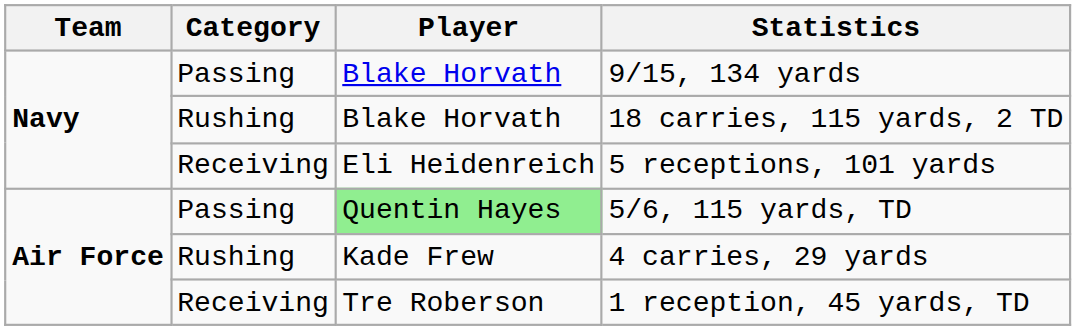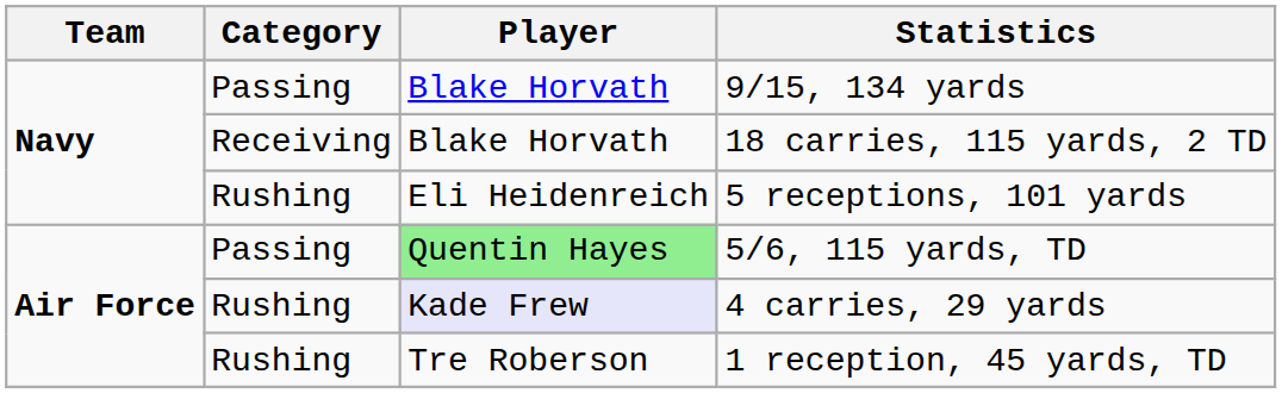 <table class="wikitable" style="float: right;">
 <tr>
 <th>Team</th>
 <th>Category</th>
 <th>Player</th>
 <th>Statistics</th>
 </tr>
 <tr>
 <td rowspan=3><strong>Navy</strong></td>
 <td>Passing</td>
 <td><a href='#'>Blake Horvath</a></td>
 <td>9/15, 134 yards</td>
 </tr>
 <tr>
-<td>Rushing</td>
+<td>Receiving</td>
 <td>Blake Horvath</td>
 <td>18 carries, 115 yards, 2 TD</td>
 </tr>
 <tr>
-<td>Receiving</td>
+<td>Rushing</td>
 <td>Eli Heidenreich</td>
 <td>5 receptions, 101 yards</td>
 </tr>
 <tr>
 <td rowspan=3><strong>Air Force</strong></td>
 <td>Passing</td>
 <td style="background: lightgreen;">Quentin Hayes</td>
 <td>5/6, 115 yards, TD</td>
 </tr>
 <tr>
 <td>Rushing</td>
-<td>Kade Frew</td>
+<td style="background: lavender;">Kade Frew</td>
 <td>4 carries, 29 yards</td>
 </tr>
 <tr>
-<td>Receiving</td>
+<td>Rushing</td>
 <td>Tre Roberson</td>
 <td>1 reception, 45 yards, TD</td>
 </tr>
 </table>
